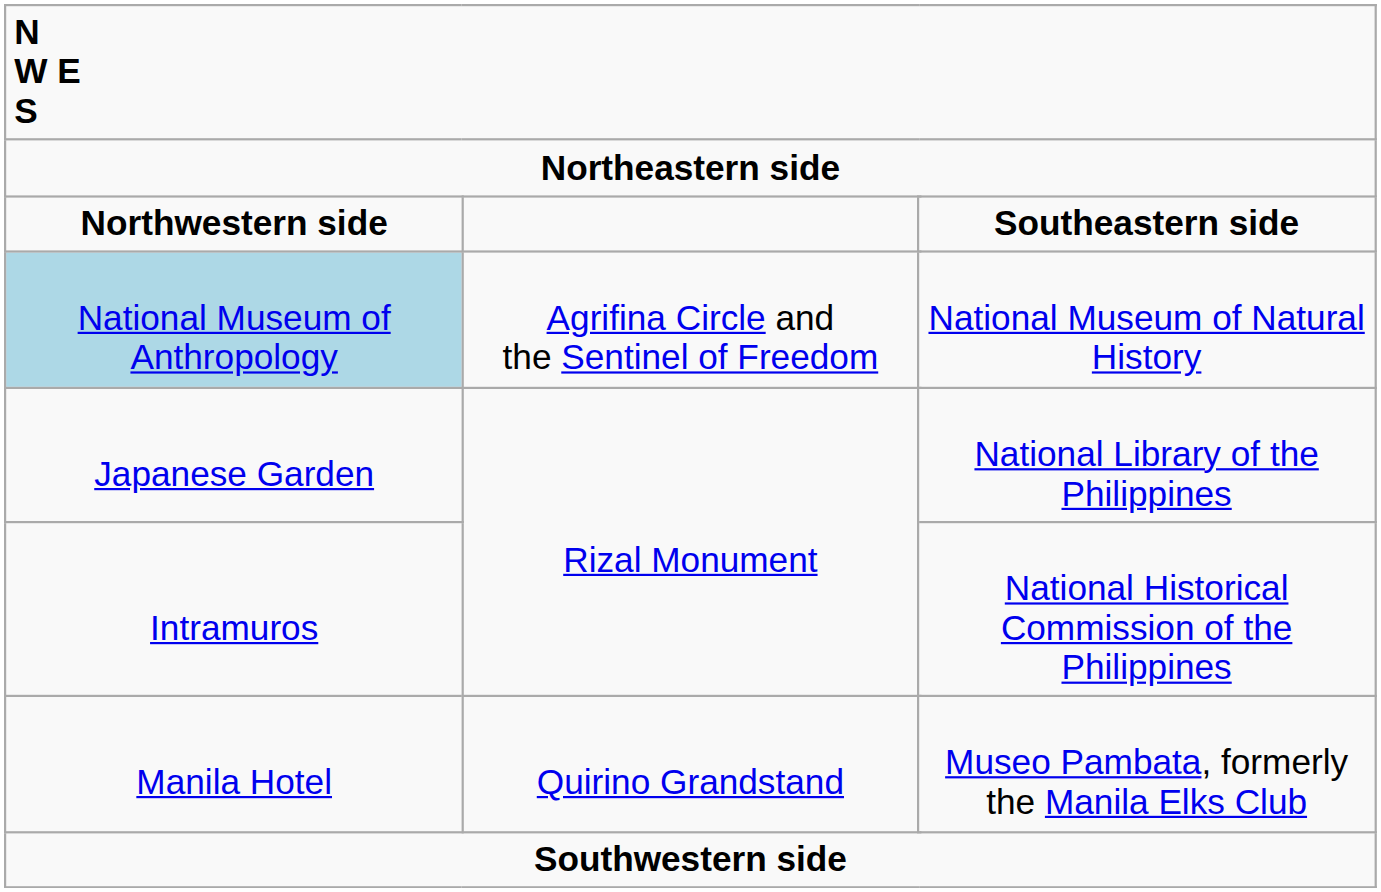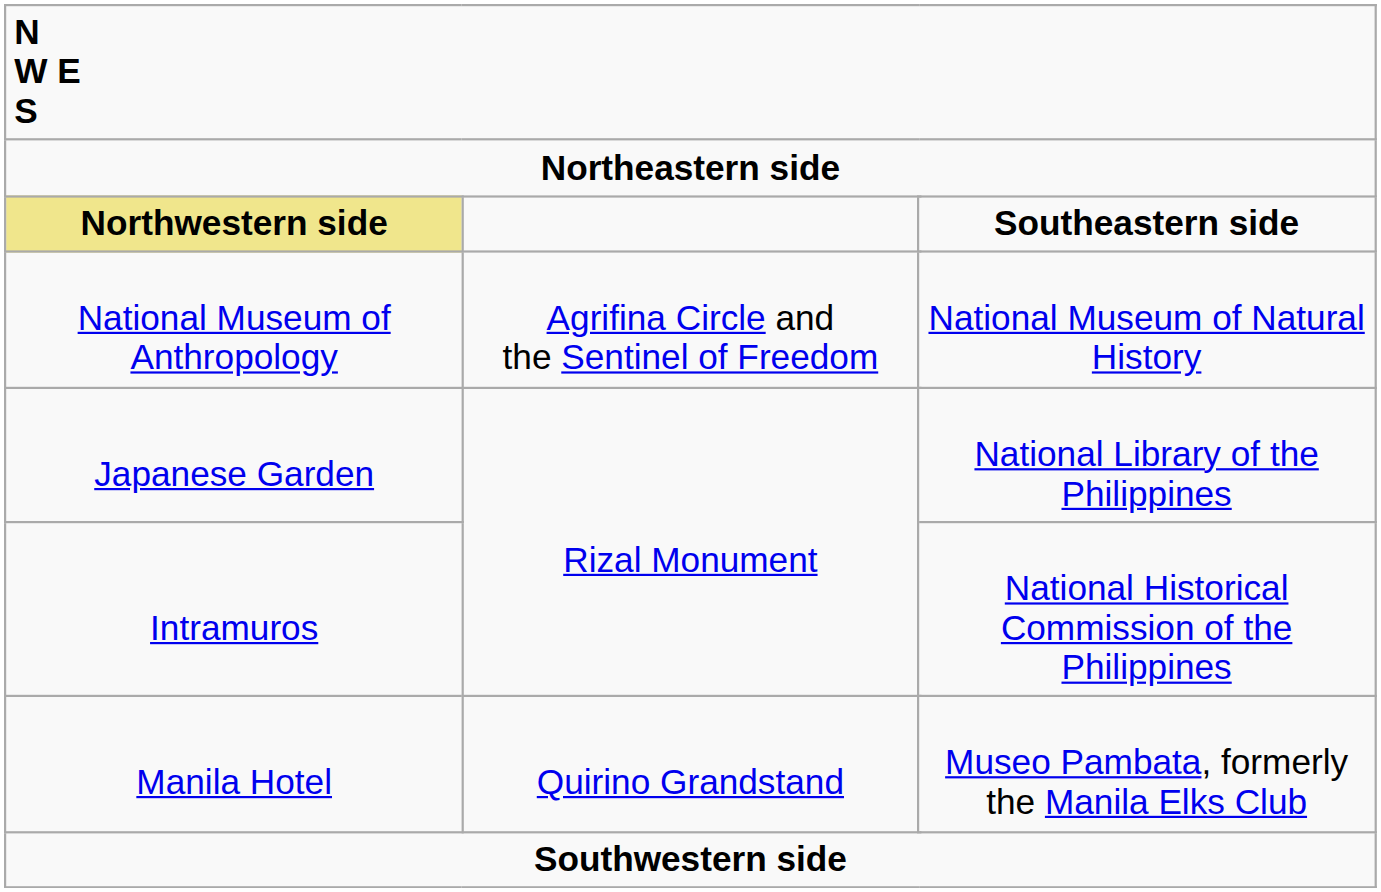 <table class="wikitable" style="margin:1em auto;">
 <tr ----align=center>
 <td colspan=5><strong>N</strong><br><strong>W</strong>  <strong>E</strong><br><strong>S</strong></td>
 </tr>
 <tr ---->
 <td colspan="5" align=center><strong>Northeastern side</strong></td>
 </tr>
 <tr ---->
-<td width=200px align=center><strong>Northwestern side</strong></td>
+<td width=200px align=center style="background: khaki;"><strong>Northwestern side</strong></td>
 <td width=200px colspan="3"></td>
 <td width=200px align=center><strong>Southeastern side</strong></td>
 </tr>
 <tr ---->
-<td align=center style="background: lightblue;"><br><a href='#'>National Museum of Anthropology</a></td>
+<td align=center><br><a href='#'>National Museum of Anthropology</a></td>
 <td colspan=3 align=center><br><a href='#'>Agrifina Circle</a> and<br> the <a href='#'>Sentinel of Freedom</a></td>
 <td align=center><br><a href='#'>National Museum of Natural History</a></td>
 </tr>
 <tr ---->
 <td align=center><br><a href='#'>Japanese Garden</a></td>
 <td colspan="3" rowspan=2 align=center><br><a href='#'>Rizal Monument</a></td>
 <td align=center><br><a href='#'>National Library of the Philippines</a></td>
 </tr>
 <tr ---->
 <td align=center><br><a href='#'>Intramuros</a></td>
 <td align=center><br><a href='#'>National Historical Commission of the Philippines</a></td>
 </tr>
 <tr ---->
 <td align=center><br><a href='#'>Manila Hotel</a></td>
 <td colspan=3 align=center><br><a href='#'>Quirino Grandstand</a></td>
 <td align=center><br><a href='#'>Museo Pambata</a>, formerly the <a href='#'>Manila Elks Club</a></td>
 </tr>
 <tr ---->
 <td colspan="5" align=center><strong>Southwestern side</strong></td>
 </tr>
 </table>
